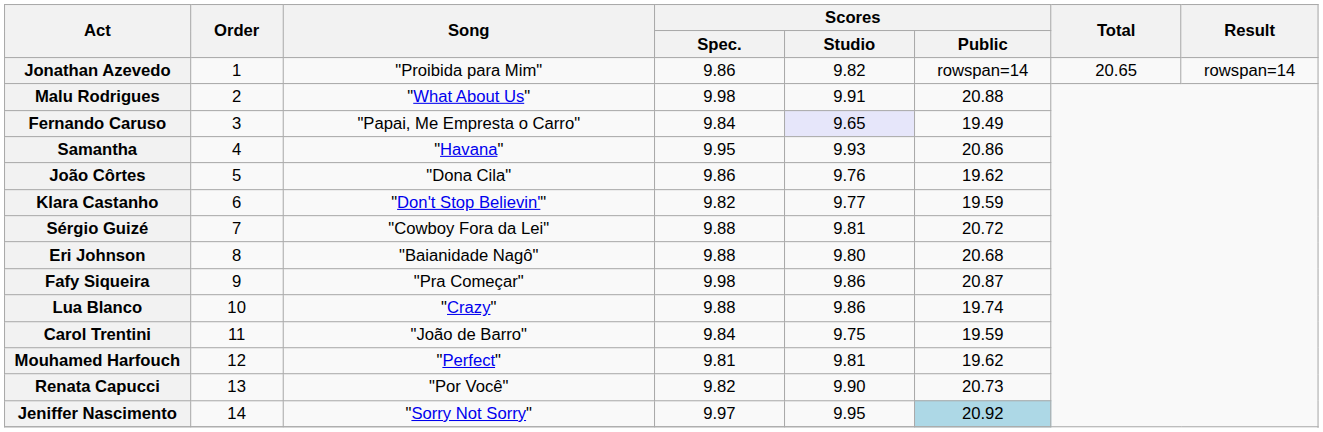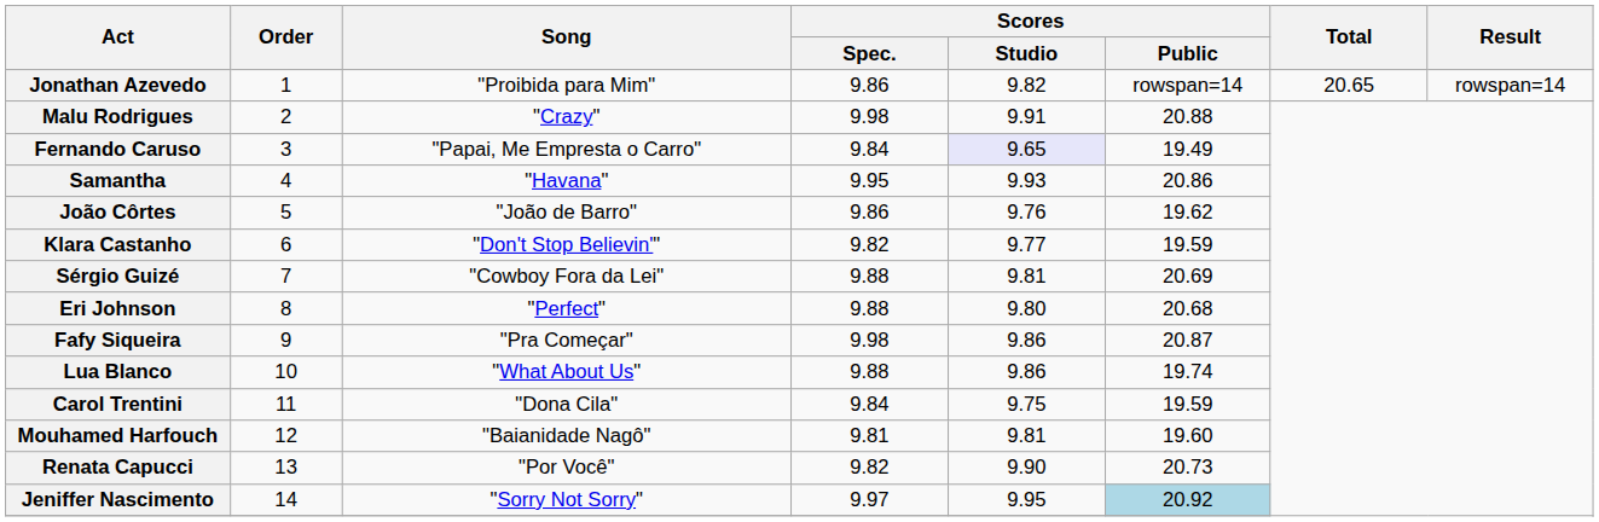 <table class="wikitable plainrowheaders" style="text-align:center; width:100%;">
 <tr>
 <th scope="col" rowspan=2 width="10.0%">Act</th>
 <th scope="col" rowspan=2 width="05.0%">Order</th>
 <th scope="col" rowspan=2 width="20.0%">Song</th>
 <th scope="col" colspan=3 width="20.0%">Scores</th>
 <th scope="col" rowspan=2 width="07.0%">Total</th>
 <th scope="col" rowspan=2 width="07.0%">Result</th>
 </tr>
 <tr>
 <th scope="col" width="07.0%">Spec.</th>
 <th scope="col" width="07.0%">Studio</th>
 <th scope="col" width="07.0%">Public</th>
 </tr>
 <tr>
 <th scope="row">Jonathan Azevedo</th>
 <td>1</td>
 <td>"Proibida para Mim"</td>
 <td>9.86 </td>
 <td>9.82</td>
 <td>rowspan=14 </td>
 <td>20.65</td>
 <td>rowspan=14 </td>
 </tr>
 <tr>
 <th scope="row">Malu Rodrigues</th>
 <td>2</td>
-<td>"<a href='#'>What About Us</a>"</td>
+<td>"<a href='#'>Crazy</a>"</td>
 <td>9.98 </td>
 <td>9.91</td>
 <td>20.88</td>
 </tr>
 <tr>
 <th scope="row">Fernando Caruso</th>
 <td>3</td>
 <td>"Papai, Me Empresta o Carro"</td>
 <td>9.84 </td>
 <td style="background: lavender;">9.65</td>
 <td>19.49</td>
 </tr>
 <tr>
 <th scope="row">Samantha</th>
 <td>4</td>
 <td>"<a href='#'>Havana</a>"</td>
 <td>9.95 </td>
 <td>9.93</td>
 <td>20.86</td>
 </tr>
 <tr>
 <th scope="row">João Côrtes</th>
 <td>5</td>
-<td>"Dona Cila"</td>
+<td>"João de Barro"</td>
 <td>9.86 </td>
 <td>9.76</td>
 <td>19.62</td>
 </tr>
 <tr>
 <th scope="row">Klara Castanho</th>
 <td>6</td>
 <td>"<a href='#'>Don't Stop Believin'</a>"</td>
 <td>9.82 </td>
 <td>9.77</td>
 <td>19.59</td>
 </tr>
 <tr>
 <th scope="row">Sérgio Guizé</th>
 <td>7</td>
 <td>"Cowboy Fora da Lei"</td>
 <td>9.88 </td>
 <td>9.81</td>
-<td>20.72</td>
+<td>20.69</td>
 </tr>
 <tr>
 <th scope="row">Eri Johnson</th>
 <td>8</td>
-<td>"Baianidade Nagô"</td>
+<td>"<a href='#'>Perfect</a>"</td>
 <td>9.88 </td>
 <td>9.80</td>
 <td>20.68</td>
 </tr>
 <tr>
 <th scope="row">Fafy Siqueira</th>
 <td>9</td>
 <td>"Pra Começar"</td>
 <td>9.98 </td>
 <td>9.86</td>
 <td>20.87</td>
 </tr>
 <tr>
 <th scope="row">Lua Blanco</th>
 <td>10</td>
-<td>"<a href='#'>Crazy</a>"</td>
+<td>"<a href='#'>What About Us</a>"</td>
 <td>9.88 </td>
 <td>9.86</td>
 <td>19.74</td>
 </tr>
 <tr>
 <th scope="row">Carol Trentini</th>
 <td>11</td>
-<td>"João de Barro"</td>
+<td>"Dona Cila"</td>
 <td>9.84 </td>
 <td>9.75</td>
 <td>19.59</td>
 </tr>
 <tr>
 <th scope="row">Mouhamed Harfouch</th>
 <td>12</td>
-<td>"<a href='#'>Perfect</a>"</td>
+<td>"Baianidade Nagô"</td>
 <td>9.81 </td>
 <td>9.81</td>
-<td>19.62</td>
+<td>19.60</td>
 </tr>
 <tr>
 <th scope="row">Renata Capucci</th>
 <td>13</td>
 <td>"Por Você"</td>
 <td>9.82 </td>
 <td>9.90</td>
 <td>20.73</td>
 </tr>
 <tr>
 <th scope="row">Jeniffer Nascimento</th>
 <td>14</td>
 <td>"<a href='#'>Sorry Not Sorry</a>"</td>
 <td>9.97 </td>
 <td>9.95</td>
 <td style="background: lightblue;">20.92</td>
 </tr>
 <tr>
 </tr>
 </table>
